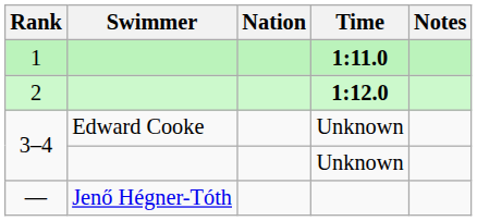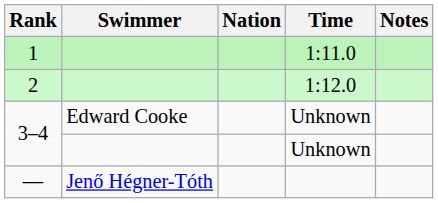 <table class="wikitable sortable" style="text-align:center">
 <tr>
 <th>Rank</th>
 <th>Swimmer</th>
 <th>Nation</th>
 <th>Time</th>
 <th>Notes</th>
 </tr>
 <tr bgcolor=BBF3BB>
 <td>1</td>
 <td align=left></td>
 <td align=left></td>
-<td><strong>1:11.0</strong></td>
+<td>1:11.0</td>
 <td></td>
 </tr>
 <tr bgcolor=CCF9CC>
 <td>2</td>
 <td align=left></td>
 <td align=left></td>
-<td><strong>1:12.0</strong></td>
+<td>1:12.0</td>
 <td></td>
 </tr>
 <tr>
 <td rowspan=2>3–4</td>
 <td align=left>Edward Cooke</td>
 <td align=left></td>
 <td data-sort-value=5:00.0>Unknown</td>
 <td></td>
 </tr>
 <tr>
 <td align=left></td>
 <td align=left></td>
 <td data-sort-value=5:00.0>Unknown</td>
 <td></td>
 </tr>
 <tr>
 <td data-sort-value=5>—</td>
 <td align=left data-sort-value="Hégner-Tóth, Jenő"><a href='#'>Jenő Hégner-Tóth</a></td>
 <td align=left></td>
 <td data-sort-value=6:00.0></td>
 <td></td>
 </tr>
 </table>
